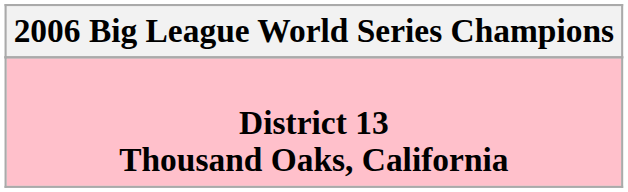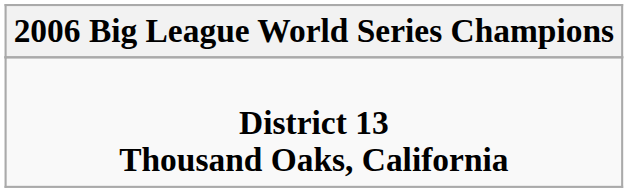 <table class="wikitable" style="text-align: center; margin: 0 auto;">
 <tr>
 <th>2006 Big League World Series Champions</th>
 </tr>
 <tr>
 </tr>
 <tr>
-<td style="background: pink;"><br><strong>District 13</strong><br> <strong>Thousand Oaks, California</strong></td>
+<td><br><strong>District 13</strong><br> <strong>Thousand Oaks, California</strong></td>
 </tr>
 </table>
